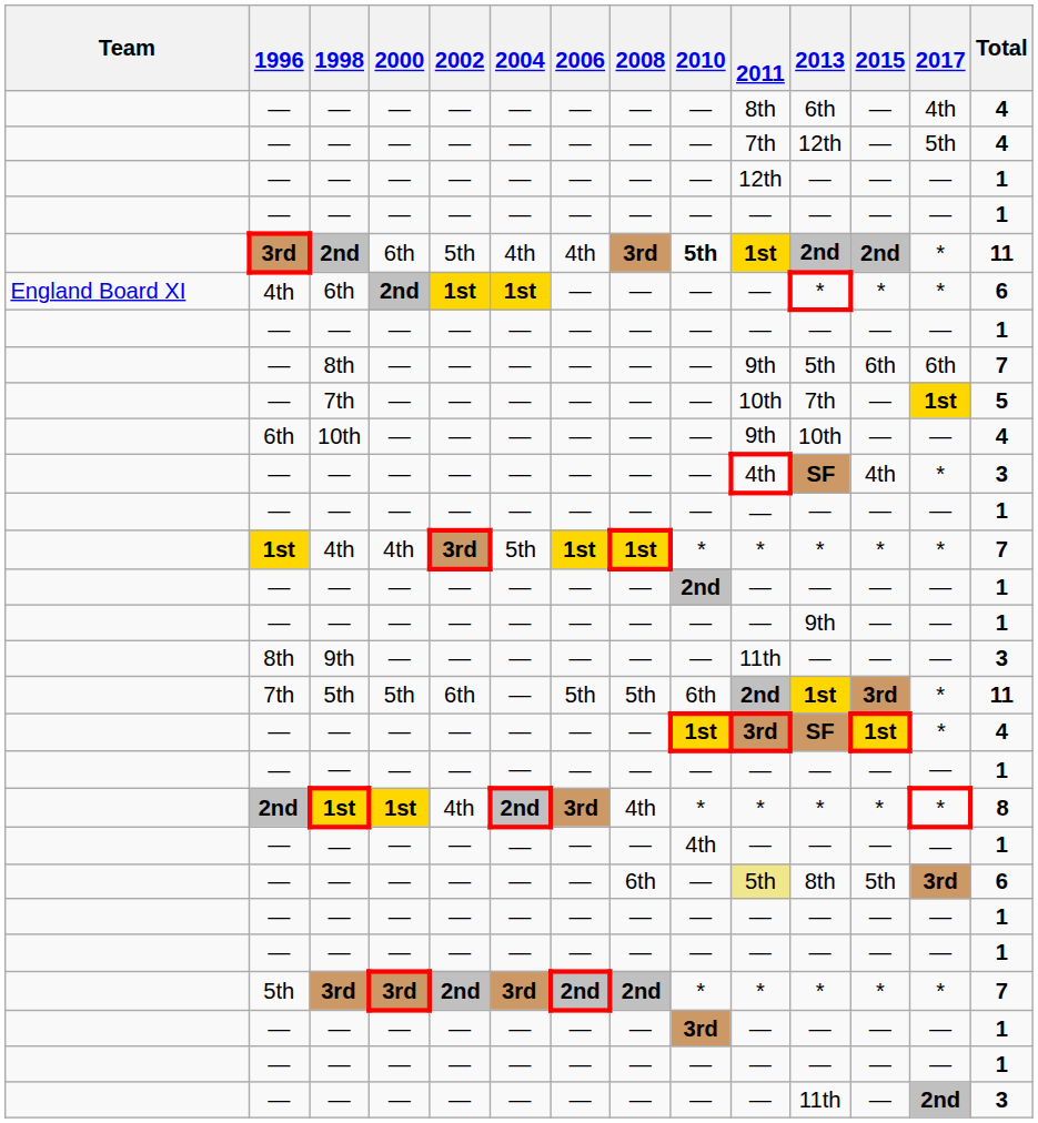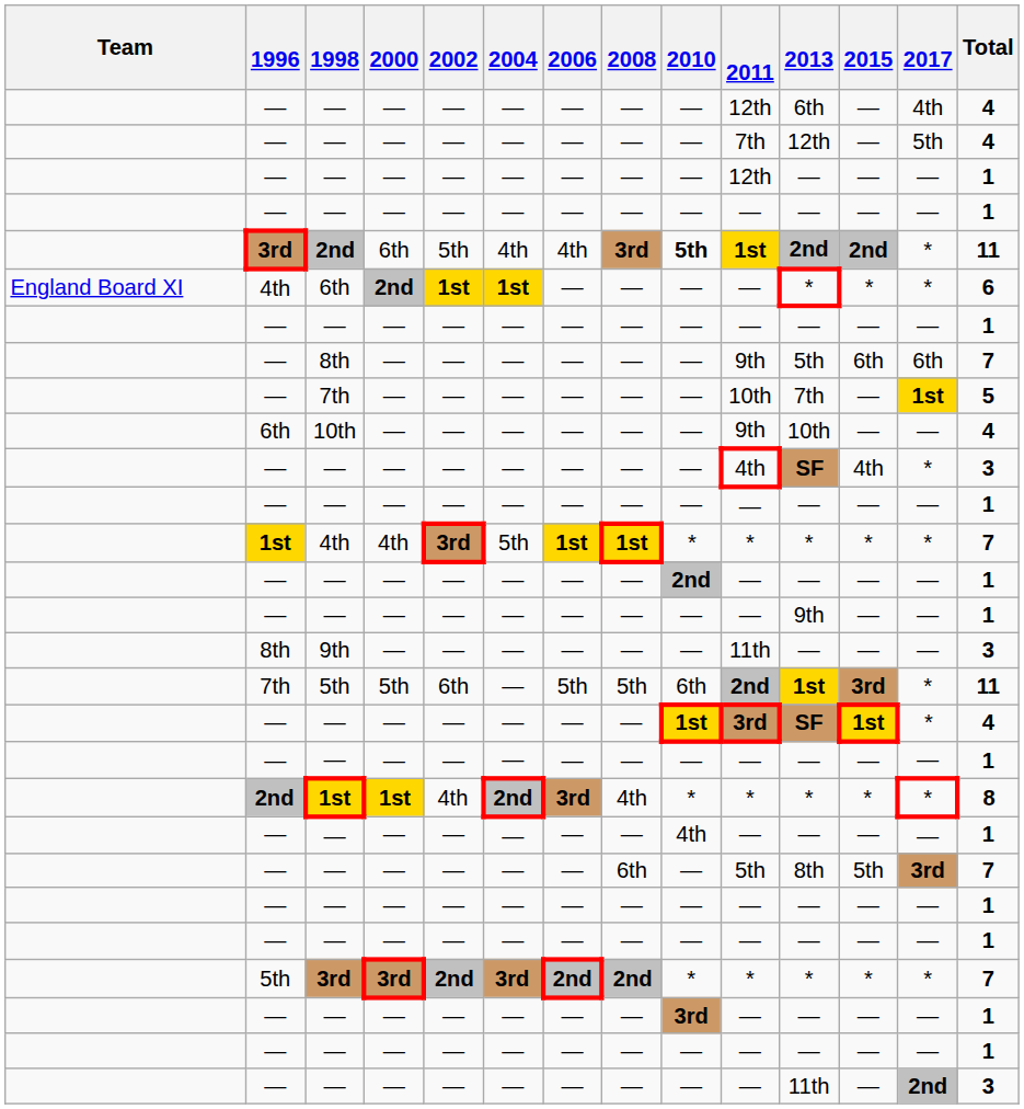 <table class="wikitable sortable" style="text-align:center; font-size:90%">
 <tr>
 <th width=150>Team</th>
 <th><br><a href='#'>1996</a></th>
 <th><br><a href='#'>1998</a></th>
 <th><br><a href='#'>2000</a></th>
 <th><br><a href='#'>2002</a></th>
 <th><br><a href='#'>2004</a></th>
 <th><br><a href='#'>2006</a></th>
 <th><br><a href='#'>2008</a></th>
 <th><br><a href='#'>2010</a></th>
 <th><br><br><a href='#'>2011</a></th>
 <th><br><a href='#'>2013</a></th>
 <th><br><a href='#'>2015</a></th>
 <th><br><a href='#'>2017</a></th>
 <th>Total</th>
 </tr>
 <tr>
 <td align=left></td>
 <td>—</td>
 <td>—</td>
 <td>—</td>
 <td>—</td>
 <td>—</td>
 <td>—</td>
 <td>—</td>
 <td>—</td>
-<td>8th</td>
+<td>12th</td>
 <td>6th</td>
 <td>—</td>
 <td>4th</td>
 <td><strong>4</strong></td>
 </tr>
 <tr>
 <td align=left></td>
 <td>—</td>
 <td>—</td>
 <td>—</td>
 <td>—</td>
 <td>—</td>
 <td>—</td>
 <td>—</td>
 <td>—</td>
 <td>7th</td>
 <td>12th</td>
 <td>—</td>
 <td>5th</td>
 <td><strong>4</strong></td>
 </tr>
 <tr>
 <td align=left></td>
 <td>—</td>
 <td>—</td>
 <td>—</td>
 <td>—</td>
 <td>—</td>
 <td>—</td>
 <td>—</td>
 <td>—</td>
 <td>12th</td>
 <td>—</td>
 <td>—</td>
 <td>—</td>
 <td><strong>1</strong></td>
 </tr>
 <tr>
 <td align=left></td>
 <td>—</td>
 <td>—</td>
 <td>—</td>
 <td>—</td>
 <td>—</td>
 <td>—</td>
 <td>—</td>
 <td>—</td>
 <td>—</td>
 <td>—</td>
 <td>—</td>
 <td>—</td>
 <td><strong>1</strong></td>
 </tr>
 <tr>
 <td align=left></td>
 <td style="border: 3px solid red" bgcolor=#cc9966><strong>3rd</strong></td>
 <td bgcolor=Silver><strong>2nd</strong></td>
 <td>6th</td>
 <td>5th</td>
 <td>4th</td>
 <td>4th</td>
 <td bgcolor=#cc9966><strong>3rd</strong></td>
 <td><strong>5th</strong></td>
 <td bgcolor=Gold><strong>1st</strong></td>
 <td bgcolor=Silver><strong>2nd</strong></td>
 <td bgcolor=Silver><strong>2nd</strong></td>
 <td>*</td>
 <td><strong>11</strong></td>
 </tr>
 <tr>
 <td align=left> <a href='#'>England Board XI</a></td>
 <td>4th</td>
 <td>6th</td>
 <td bgcolor=Silver><strong>2nd</strong></td>
 <td bgcolor=Gold><strong>1st</strong></td>
 <td bgcolor=Gold><strong>1st</strong></td>
 <td>—</td>
 <td>—</td>
 <td>—</td>
 <td>—</td>
 <td style="border: 3px solid red">*</td>
 <td>*</td>
 <td>*</td>
 <td><strong>6</strong></td>
 </tr>
 <tr>
 <td align=left></td>
 <td>—</td>
 <td>—</td>
 <td>—</td>
 <td>—</td>
 <td>—</td>
 <td>—</td>
 <td>—</td>
 <td>—</td>
 <td>—</td>
 <td>—</td>
 <td>—</td>
 <td>—</td>
 <td><strong>1</strong></td>
 </tr>
 <tr>
 <td align=left></td>
 <td>—</td>
 <td>8th</td>
 <td>—</td>
 <td>—</td>
 <td>—</td>
 <td>—</td>
 <td>—</td>
 <td>—</td>
 <td>9th</td>
 <td>5th</td>
 <td>6th</td>
 <td>6th</td>
 <td><strong>7</strong></td>
 </tr>
 <tr>
 <td align=left></td>
 <td>—</td>
 <td>7th</td>
 <td>—</td>
 <td>—</td>
 <td>—</td>
 <td>—</td>
 <td>—</td>
 <td>—</td>
 <td>10th</td>
 <td>7th</td>
 <td>—</td>
 <td bgcolor=Gold><strong>1st</strong></td>
 <td><strong>5</strong></td>
 </tr>
 <tr>
 <td align=left></td>
 <td>6th</td>
 <td>10th</td>
 <td>—</td>
 <td>—</td>
 <td>—</td>
 <td>—</td>
 <td>—</td>
 <td>—</td>
 <td>9th</td>
 <td>10th</td>
 <td>—</td>
 <td>—</td>
 <td><strong>4</strong></td>
 </tr>
 <tr>
 <td align=left></td>
 <td>—</td>
 <td>—</td>
 <td>—</td>
 <td>—</td>
 <td>—</td>
 <td>—</td>
 <td>—</td>
 <td>—</td>
 <td style="border: 3px solid red">4th</td>
 <td bgcolor=#cc9966><strong>SF</strong></td>
 <td>4th</td>
 <td>*</td>
 <td><strong>3</strong></td>
 </tr>
 <tr>
 <td align=left></td>
 <td>—</td>
 <td>—</td>
 <td>—</td>
 <td>—</td>
 <td>—</td>
 <td>—</td>
 <td>—</td>
 <td>—</td>
 <td>—</td>
 <td>—</td>
 <td>—</td>
 <td>—</td>
 <td><strong>1</strong></td>
 </tr>
 <tr>
 <td align=left></td>
 <td bgcolor=Gold><strong>1st</strong></td>
 <td>4th</td>
 <td>4th</td>
 <td style="border: 3px solid red" bgcolor=#cc9966><strong>3rd</strong></td>
 <td>5th</td>
 <td bgcolor=Gold><strong>1st</strong></td>
 <td style="border: 3px solid red" bgcolor=Gold><strong>1st</strong></td>
 <td>*</td>
 <td>*</td>
 <td>*</td>
 <td>*</td>
 <td>*</td>
 <td><strong>7</strong></td>
 </tr>
 <tr>
 <td align=left></td>
 <td>—</td>
 <td>—</td>
 <td>—</td>
 <td>—</td>
 <td>—</td>
 <td>—</td>
 <td>—</td>
 <td bgcolor=Silver><strong>2nd</strong></td>
 <td>—</td>
 <td>—</td>
 <td>—</td>
 <td>—</td>
 <td><strong>1</strong></td>
 </tr>
 <tr>
 <td align=left></td>
 <td>—</td>
 <td>—</td>
 <td>—</td>
 <td>—</td>
 <td>—</td>
 <td>—</td>
 <td>—</td>
 <td>—</td>
 <td>—</td>
 <td>9th</td>
 <td>—</td>
 <td>—</td>
 <td><strong>1</strong></td>
 </tr>
 <tr>
 <td align=left></td>
 <td>8th</td>
 <td>9th</td>
 <td>—</td>
 <td>—</td>
 <td>—</td>
 <td>—</td>
 <td>—</td>
 <td>—</td>
 <td>11th</td>
 <td>—</td>
 <td>—</td>
 <td>—</td>
 <td><strong>3</strong></td>
 </tr>
 <tr>
 <td align=left></td>
 <td>7th</td>
 <td>5th</td>
 <td>5th</td>
 <td>6th</td>
 <td>—</td>
 <td>5th</td>
 <td>5th</td>
 <td>6th</td>
 <td bgcolor=Silver><strong>2nd</strong></td>
 <td bgcolor=Gold><strong>1st</strong></td>
 <td bgcolor=#cc9966><strong>3rd</strong></td>
 <td>*</td>
 <td><strong>11</strong></td>
 </tr>
 <tr>
 <td align=left></td>
 <td>—</td>
 <td>—</td>
 <td>—</td>
 <td>—</td>
 <td>—</td>
 <td>—</td>
 <td>—</td>
 <td style="border: 3px solid red" bgcolor=Gold><strong>1st</strong></td>
 <td style="border: 3px solid red" bgcolor=#cc9966><strong>3rd</strong></td>
 <td bgcolor=#cc9966><strong>SF</strong></td>
 <td style="border: 3px solid red" bgcolor=Gold><strong>1st</strong></td>
 <td>*</td>
 <td><strong>4</strong></td>
 </tr>
 <tr>
 <td align=left></td>
 <td>—</td>
 <td>—</td>
 <td>—</td>
 <td>—</td>
 <td>—</td>
 <td>—</td>
 <td>—</td>
 <td>—</td>
 <td>—</td>
 <td>—</td>
 <td>—</td>
 <td>—</td>
 <td><strong>1</strong></td>
 </tr>
 <tr>
 <td align=left></td>
 <td bgcolor=Silver><strong>2nd</strong></td>
 <td style="border: 3px solid red" bgcolor=Gold><strong>1st</strong></td>
 <td bgcolor=Gold><strong>1st</strong></td>
 <td>4th</td>
 <td style="border: 3px solid red" bgcolor=Silver><strong>2nd</strong></td>
 <td bgcolor=#cc9966><strong>3rd</strong></td>
 <td>4th</td>
 <td>*</td>
 <td>*</td>
 <td>*</td>
 <td>*</td>
 <td style="border: 3px solid red">*</td>
 <td><strong>8</strong></td>
 </tr>
 <tr>
 <td align=left></td>
 <td>—</td>
 <td>—</td>
 <td>—</td>
 <td>—</td>
 <td>—</td>
 <td>—</td>
 <td>—</td>
 <td>4th</td>
 <td>—</td>
 <td>—</td>
 <td>—</td>
 <td>—</td>
 <td><strong>1</strong></td>
 </tr>
 <tr>
 <td align=left></td>
 <td>—</td>
 <td>—</td>
 <td>—</td>
 <td>—</td>
 <td>—</td>
 <td>—</td>
 <td>6th</td>
 <td>—</td>
-<td style="background: khaki;">5th</td>
+<td>5th</td>
 <td>8th</td>
 <td>5th</td>
 <td bgcolor=#cc9966><strong>3rd</strong></td>
-<td><strong>6</strong></td>
+<td><strong>7</strong></td>
 </tr>
 <tr>
 <td align=left></td>
 <td>—</td>
 <td>—</td>
 <td>—</td>
 <td>—</td>
 <td>—</td>
 <td>—</td>
 <td>—</td>
 <td>—</td>
 <td>—</td>
 <td>—</td>
 <td>—</td>
 <td>—</td>
 <td><strong>1</strong></td>
 </tr>
 <tr>
 <td align=left></td>
 <td>—</td>
 <td>—</td>
 <td>—</td>
 <td>—</td>
 <td>—</td>
 <td>—</td>
 <td>—</td>
 <td>—</td>
 <td>—</td>
 <td>—</td>
 <td>—</td>
 <td>—</td>
 <td><strong>1</strong></td>
 </tr>
 <tr>
 <td align=left></td>
 <td>5th</td>
 <td bgcolor=#cc9966><strong>3rd</strong></td>
 <td style="border: 3px solid red" bgcolor=#cc9966><strong>3rd</strong></td>
 <td bgcolor=Silver><strong>2nd</strong></td>
 <td bgcolor=#cc9966><strong>3rd</strong></td>
 <td style="border: 3px solid red" bgcolor=Silver><strong>2nd</strong></td>
 <td bgcolor=Silver><strong>2nd</strong></td>
 <td>*</td>
 <td>*</td>
 <td>*</td>
 <td>*</td>
 <td>*</td>
 <td><strong>7</strong></td>
 </tr>
 <tr>
 <td align=left></td>
 <td>—</td>
 <td>—</td>
 <td>—</td>
 <td>—</td>
 <td>—</td>
 <td>—</td>
 <td>—</td>
 <td bgcolor=#cc9966><strong>3rd</strong></td>
 <td>—</td>
 <td>—</td>
 <td>—</td>
 <td>—</td>
 <td><strong>1</strong></td>
 </tr>
 <tr>
 <td align=left></td>
 <td>—</td>
 <td>—</td>
 <td>—</td>
 <td>—</td>
 <td>—</td>
 <td>—</td>
 <td>—</td>
 <td>—</td>
 <td>—</td>
 <td>—</td>
 <td>—</td>
 <td>—</td>
 <td><strong>1</strong></td>
 </tr>
 <tr>
 <td align=left></td>
 <td>—</td>
 <td>—</td>
 <td>—</td>
 <td>—</td>
 <td>—</td>
 <td>—</td>
 <td>—</td>
 <td>—</td>
 <td>—</td>
 <td>11th</td>
 <td>—</td>
 <td bgcolor=Silver><strong>2nd</strong></td>
 <td><strong>3</strong></td>
 </tr>
 </table>
